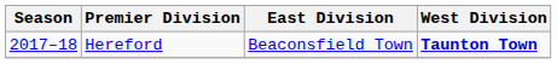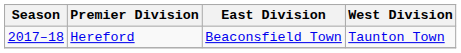 <table class="wikitable" style="text-align: left">
 <tr>
 <th>Season</th>
 <th>Premier Division</th>
 <th>East Division</th>
 <th>West Division</th>
 </tr>
 <tr>
 <td><a href='#'>2017–18</a></td>
 <td><a href='#'>Hereford</a></td>
 <td><a href='#'>Beaconsfield Town</a></td>
-<td><strong><a href='#'>Taunton Town</a></strong></td>
+<td><a href='#'>Taunton Town</a></td>
 </tr>
 <tr>
 </tr>
 </table>
